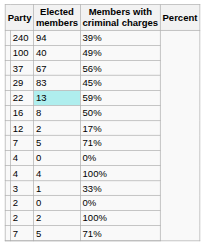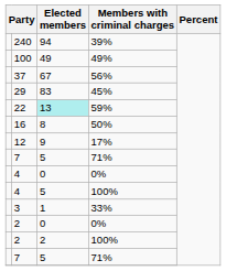 <table class="wikitable sortable" align="right" style="font-size:90%;">
 <tr>
 <th colspan=2>Party</th>
 <th>Elected <br> members</th>
 <th>Members with <br>criminal charges</th>
 <th>Percent</th>
 </tr>
 <tr>
 <td></td>
 <td>240</td>
 <td>94</td>
 <td>39%</td>
 </tr>
 <tr>
 <td></td>
 <td>100</td>
-<td>40</td>
+<td>49</td>
 <td>49%</td>
 </tr>
 <tr>
 <td></td>
 <td>37</td>
 <td>67</td>
 <td>56%</td>
 </tr>
 <tr>
 <td></td>
 <td>29</td>
 <td>83</td>
 <td>45%</td>
 </tr>
 <tr>
 <td></td>
 <td>22</td>
 <td style="background: paleturquoise;">13</td>
 <td>59%</td>
 </tr>
 <tr>
 <td></td>
 <td>16</td>
 <td>8</td>
 <td>50%</td>
 </tr>
 <tr>
 <td></td>
 <td>12</td>
-<td>2</td>
+<td>9</td>
 <td>17%</td>
 </tr>
 <tr>
 <td></td>
 <td>7</td>
 <td>5</td>
 <td>71%</td>
 </tr>
 <tr>
 <td></td>
 <td>4</td>
 <td>0</td>
 <td>0%</td>
 </tr>
 <tr>
 <td></td>
 <td>4</td>
-<td>4</td>
+<td>5</td>
 <td>100%</td>
 </tr>
 <tr>
 <td></td>
 <td>3</td>
 <td>1</td>
 <td>33%</td>
 </tr>
 <tr>
 <td></td>
 <td>2</td>
 <td>0</td>
 <td>0%</td>
 </tr>
 <tr>
 <td></td>
 <td>2</td>
 <td>2</td>
 <td>100%</td>
 </tr>
 <tr>
 <td></td>
 <td>7</td>
 <td>5</td>
 <td>71%</td>
 </tr>
 <tr>
 </tr>
 </table>
